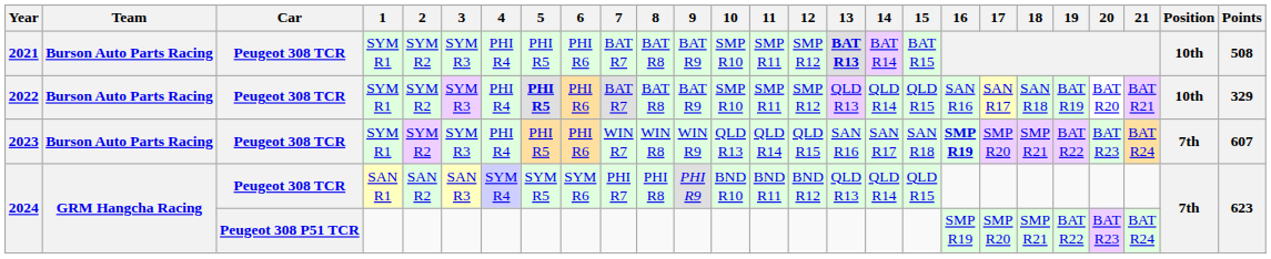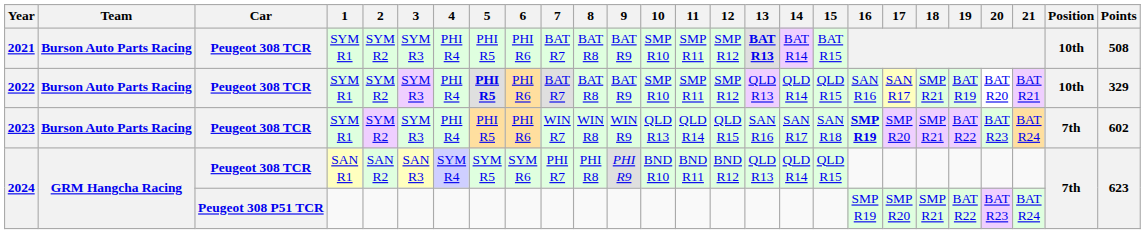 <table class="wikitable" style="text-align:center; font-size:75%">
 <tr>
 <th>Year</th>
 <th>Team</th>
 <th>Car</th>
 <th>1</th>
 <th>2</th>
 <th>3</th>
 <th>4</th>
 <th>5</th>
 <th>6</th>
 <th>7</th>
 <th>8</th>
 <th>9</th>
 <th>10</th>
 <th>11</th>
 <th>12</th>
 <th>13</th>
 <th>14</th>
 <th>15</th>
 <th>16</th>
 <th>17</th>
 <th>18</th>
 <th>19</th>
 <th>20</th>
 <th>21</th>
 <th>Position</th>
 <th>Points</th>
 </tr>
 <tr>
 <th><a href='#'>2021</a></th>
 <th><a href='#'>Burson Auto Parts Racing</a></th>
 <th><a href='#'>Peugeot 308 TCR</a></th>
 <td style=background:#dfffdf><a href='#'>SYM<br>R1</a><br></td>
 <td style=background:#dfffdf><a href='#'>SYM<br>R2</a><br></td>
 <td style=background:#dfffdf><a href='#'>SYM<br>R3</a><br></td>
 <td style=background:#dfffdf><a href='#'>PHI<br>R4</a><br></td>
 <td style=background:#dfffdf><a href='#'>PHI<br>R5</a><br></td>
 <td style=background:#dfffdf><a href='#'>PHI<br>R6</a><br></td>
 <td style=background:#dfffdf><a href='#'>BAT<br>R7</a><br></td>
 <td style=background:#dfffdf><a href='#'>BAT<br>R8</a><br></td>
 <td style=background:#dfffdf><a href='#'>BAT<br>R9</a><br></td>
 <td style=background:#dfffdf><a href='#'>SMP<br>R10</a><br></td>
 <td style=background:#dfffdf><a href='#'>SMP<br>R11</a><br></td>
 <td style=background:#dfffdf><a href='#'>SMP<br>R12</a><br></td>
 <td style=background:#dfdfdf><strong><a href='#'>BAT<br>R13</a><br></strong></td>
 <td style=background:#efcfff><a href='#'>BAT<br>R14</a><br></td>
 <td style=background:#dfffdf><a href='#'>BAT<br>R15</a><br></td>
 <th colspan=6></th>
 <th>10th</th>
 <th>508</th>
 </tr>
 <tr>
 <th><a href='#'>2022</a></th>
 <th><a href='#'>Burson Auto Parts Racing</a></th>
 <th><a href='#'>Peugeot 308 TCR</a></th>
 <td style="background:#dfffdf"><a href='#'>SYM<br>R1</a><br></td>
 <td style="background:#dfffdf"><a href='#'>SYM<br>R2</a><br></td>
 <td style="background:#efcfff"><a href='#'>SYM<br>R3</a><br></td>
 <td style="background:#dfffdf"><a href='#'>PHI<br>R4</a><br></td>
 <td style="background:#dfdfdf"><strong><a href='#'>PHI<br>R5</a><br></strong></td>
 <td style="background:#ffdf9f"><a href='#'>PHI<br>R6</a><br></td>
 <td style="background:#dfdfdf"><a href='#'>BAT<br>R7</a><br></td>
 <td style="background:#dfffdf"><a href='#'>BAT<br>R8</a><br></td>
 <td style="background:#dfffdf"><a href='#'>BAT<br>R9</a><br></td>
 <td style="background:#dfffdf"><a href='#'>SMP<br>R10</a><br></td>
 <td style="background:#dfffdf"><a href='#'>SMP<br>R11</a><br></td>
 <td style="background:#dfffdf"><a href='#'>SMP<br>R12</a><br></td>
 <td style="background:#efcfff"><a href='#'>QLD<br>R13</a><br></td>
 <td style="background:#dfffdf"><a href='#'>QLD<br>R14</a><br></td>
 <td style="background:#dfffdf"><a href='#'>QLD<br>R15</a><br></td>
 <td style="background:#dfffdf"><a href='#'>SAN<br>R16</a><br></td>
 <td style="background:#ffffbf"><a href='#'>SAN<br>R17</a><br></td>
-<td style="background:#dfffdf"><a href='#'>SAN<br>R18</a><br></td>
+<td style=background:#dfffdf><a href='#'>SMP<br>R21</a><br></td>
 <td style="background:#dfffdf"><a href='#'>BAT<br>R19</a><br></td>
 <td style="background:#ffffff"><a href='#'>BAT<br>R20</a><br></td>
 <td style="background:#efcfff"><a href='#'>BAT<br>R21</a><br></td>
 <th>10th</th>
 <th>329</th>
 </tr>
 <tr>
 <th><a href='#'>2023</a></th>
 <th><a href='#'>Burson Auto Parts Racing</a></th>
 <th><a href='#'>Peugeot 308 TCR</a></th>
 <td style=background:#dfffdf><a href='#'>SYM<br>R1</a><br></td>
 <td style=background:#efcfff><a href='#'>SYM<br>R2</a><br></td>
 <td style=background:#dfffdf><a href='#'>SYM<br>R3</a><br></td>
 <td style=background:#dfffdf><a href='#'>PHI<br>R4</a><br></td>
 <td style=background:#ffdf9f><a href='#'>PHI<br>R5</a><br></td>
 <td style=background:#ffdf9f><a href='#'>PHI<br>R6</a><br></td>
 <td style=background:#dfffdf><a href='#'>WIN<br>R7</a><br></td>
 <td style=background:#dfffdf><a href='#'>WIN<br>R8</a><br></td>
 <td style=background:#dfffdf><a href='#'>WIN<br>R9</a><br></td>
 <td style=background:#dfffdf><a href='#'>QLD<br>R13</a><br></td>
 <td style=background:#dfffdf><a href='#'>QLD<br>R14</a><br></td>
 <td style=background:#dfffdf><a href='#'>QLD<br>R15</a><br></td>
 <td style=background:#dfffdf><a href='#'>SAN<br>R16</a><br></td>
 <td style=background:#dfffdf><a href='#'>SAN<br>R17</a><br></td>
 <td style=background:#dfffdf><a href='#'>SAN<br>R18</a><br></td>
 <td style=background:#dfffdf><strong><a href='#'>SMP<br>R19</a><br></strong></td>
 <td style=background:#efcfff><a href='#'>SMP<br>R20</a><br></td>
 <td style=background:#efcfff><a href='#'>SMP<br>R21</a><br></td>
 <td style=background:#efcfff><a href='#'>BAT<br>R22</a><br></td>
 <td style=background:#dfffdf><a href='#'>BAT<br>R23</a><br></td>
 <td style=background:#ffdf9f><a href='#'>BAT<br>R24</a><br></td>
 <th>7th</th>
-<th>607</th>
+<th>602</th>
 </tr>
 <tr>
 <th rowspan=2><a href='#'>2024</a></th>
 <th rowspan=2><a href='#'>GRM Hangcha Racing</a></th>
 <th><a href='#'>Peugeot 308 TCR</a></th>
 <td style=background:#ffffbf><a href='#'>SAN<br>R1</a><br></td>
 <td style=background:#dfffdf><a href='#'>SAN<br>R2</a><br></td>
 <td style=background:#ffffbf><a href='#'>SAN<br>R3</a><br></td>
 <td style=background:#cfcfff><a href='#'>SYM<br>R4</a><br></td>
 <td style=background:#dfffdf><a href='#'>SYM<br>R5</a><br></td>
 <td style=background:#dfffdf><a href='#'>SYM<br>R6</a><br></td>
 <td style=background:#dfffdf><a href='#'>PHI<br>R7</a><br></td>
 <td style=background:#dfffdf><a href='#'>PHI<br>R8</a><br></td>
 <td style=background:#dfdfdf><em><a href='#'>PHI<br>R9</a><br></em></td>
 <td style=background:#dfffdf><a href='#'>BND<br>R10</a><br></td>
 <td style=background:#dfffdf><a href='#'>BND<br>R11</a><br></td>
 <td style=background:#dfffdf><a href='#'>BND<br>R12</a><br></td>
 <td style=background:#dfffdf><a href='#'>QLD<br>R13</a><br></td>
 <td style=background:#dfffdf><a href='#'>QLD<br>R14</a><br></td>
 <td style=background:#dfffdf><a href='#'>QLD<br>R15</a><br></td>
 <td></td>
 <td></td>
 <td></td>
 <td></td>
 <td></td>
 <td></td>
 <th rowspan=2>7th</th>
 <th rowspan=2>623</th>
 </tr>
 <tr>
 <th><a href='#'>Peugeot 308 P51 TCR</a></th>
 <td></td>
 <td></td>
 <td></td>
 <td></td>
 <td></td>
 <td></td>
 <td></td>
 <td></td>
 <td></td>
 <td></td>
 <td></td>
 <td></td>
 <td></td>
 <td></td>
 <td></td>
 <td style=background:#dfffdf><a href='#'>SMP<br>R19</a><br></td>
 <td style=background:#dfffdf><a href='#'>SMP<br>R20</a><br></td>
 <td style=background:#dfffdf><a href='#'>SMP<br>R21</a><br></td>
 <td style=background:#dfffdf><a href='#'>BAT<br>R22</a><br></td>
 <td style=background:#efcfff><a href='#'>BAT<br>R23</a><br></td>
 <td style=background:#dfffdf><a href='#'>BAT<br>R24</a><br></td>
 </tr>
 </table>
